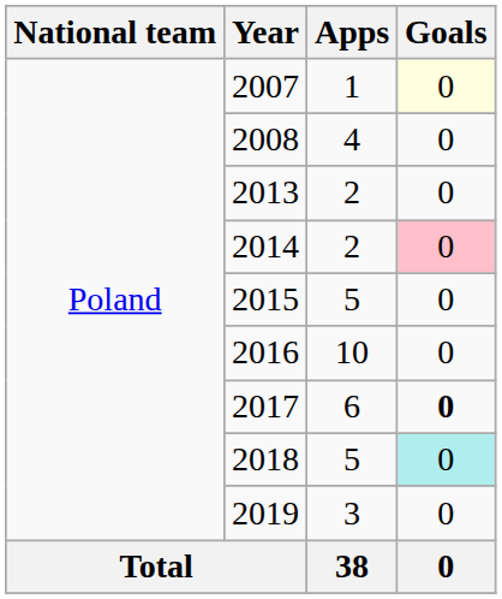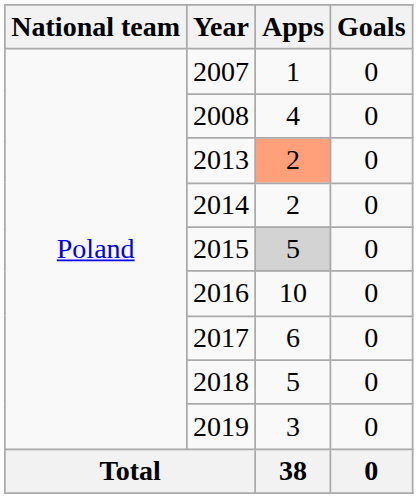 <table class="wikitable" style="text-align:center">
 <tr>
 <th>National team</th>
 <th>Year</th>
 <th>Apps</th>
 <th>Goals</th>
 </tr>
 <tr>
 <td rowspan="9"><a href='#'>Poland</a></td>
 <td>2007</td>
 <td>1</td>
-<td style="background: lightyellow;">0</td>
+<td>0</td>
 </tr>
 <tr>
 <td>2008</td>
 <td>4</td>
 <td>0</td>
 </tr>
 <tr>
 <td>2013</td>
-<td>2</td>
+<td style="background: lightsalmon;">2</td>
 <td>0</td>
 </tr>
 <tr>
 <td>2014</td>
 <td>2</td>
-<td style="background: pink;">0</td>
+<td>0</td>
 </tr>
 <tr>
 <td>2015</td>
-<td>5</td>
+<td style="background: lightgrey;">5</td>
 <td>0</td>
 </tr>
 <tr>
 <td>2016</td>
 <td>10</td>
 <td>0</td>
 </tr>
 <tr>
 <td>2017</td>
 <td>6</td>
-<td><strong>0</strong></td>
+<td>0</td>
 </tr>
 <tr>
 <td>2018</td>
 <td>5</td>
-<td style="background: paleturquoise;">0</td>
+<td>0</td>
 </tr>
 <tr>
 <td>2019</td>
 <td>3</td>
 <td>0</td>
 </tr>
 <tr>
 <th colspan="2">Total</th>
 <th>38</th>
 <th>0</th>
 </tr>
 </table>
